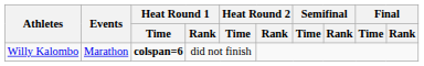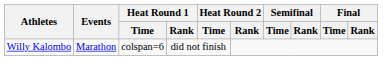 <table class=wikitable style=font-size:90%>
 <tr>
 <th rowspan=2>Athletes</th>
 <th rowspan=2>Events</th>
 <th colspan=2>Heat Round 1</th>
 <th colspan=2>Heat Round 2</th>
 <th colspan=2>Semifinal</th>
 <th colspan=2>Final</th>
 </tr>
 <tr>
 <th>Time</th>
 <th>Rank</th>
 <th>Time</th>
 <th>Rank</th>
 <th>Time</th>
 <th>Rank</th>
 <th>Time</th>
 <th>Rank</th>
 </tr>
 <tr>
 <td><a href='#'>Willy Kalombo</a></td>
 <td><a href='#'>Marathon</a></td>
-<td><strong>colspan=6</strong></td>
+<td>colspan=6</td>
 <td align=center colspan=2>did not finish</td>
 </tr>
 </table>
